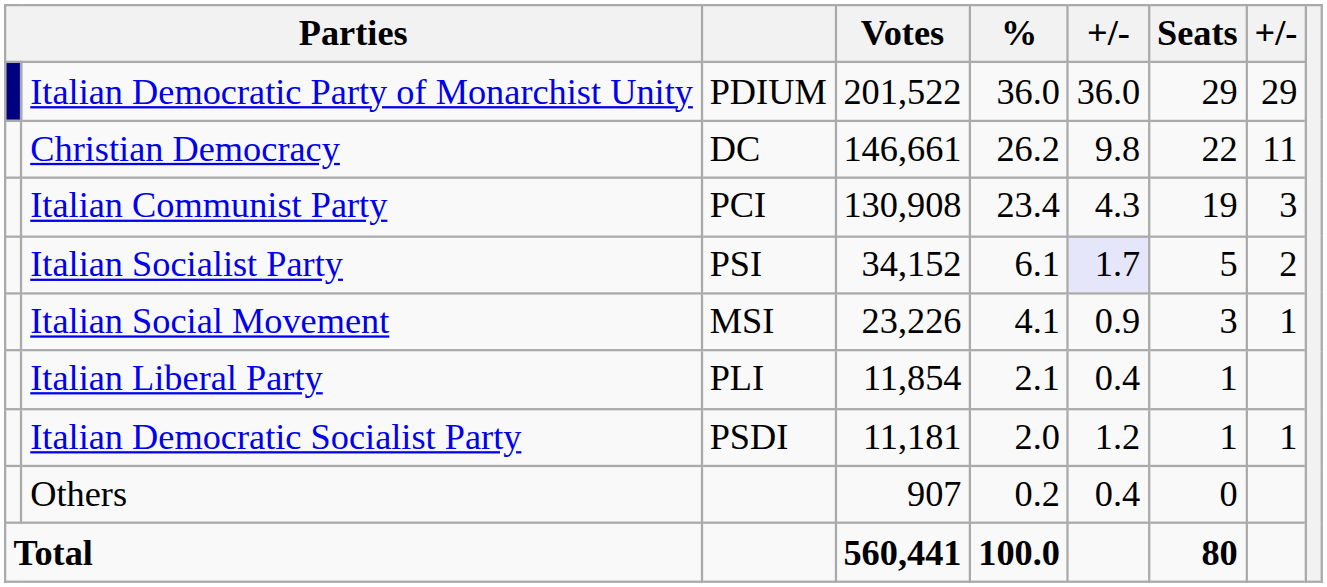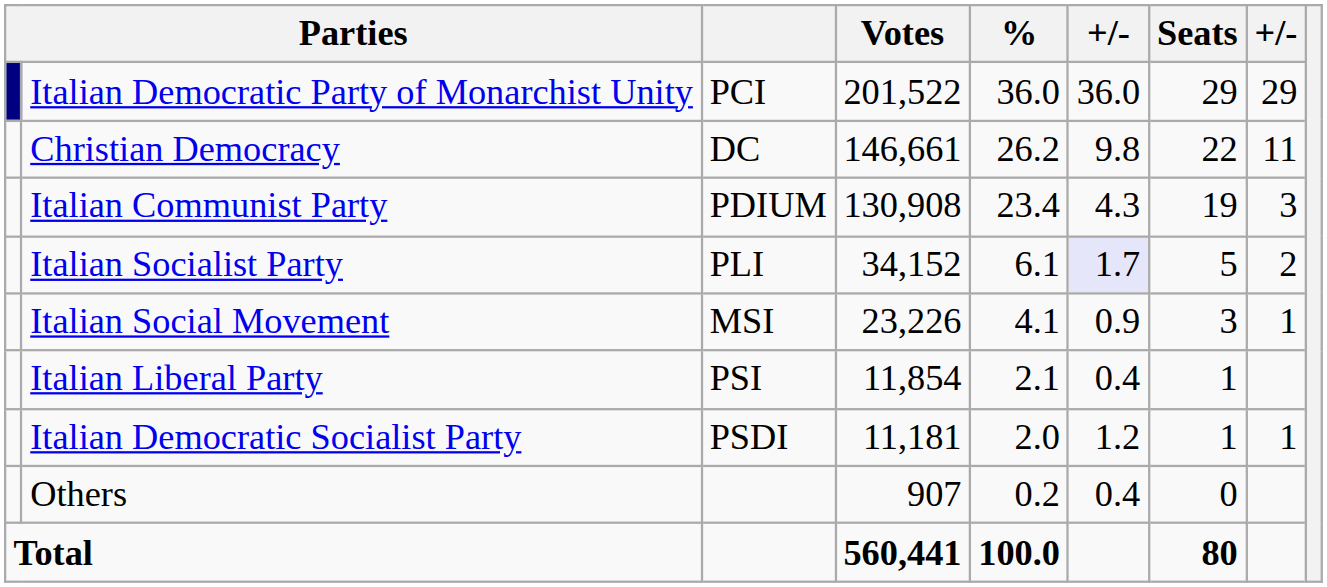 <table class="wikitable">
 <tr>
 <th colspan="2">Parties</th>
 <th></th>
 <th>Votes</th>
 <th>%</th>
 <th>+/-</th>
 <th>Seats</th>
 <th>+/-</th>
 <th rowspan="12"></th>
 </tr>
 <tr>
 <td style="background-color:#000080"></td>
 <td><a href='#'>Italian Democratic Party of Monarchist Unity</a></td>
-<td>PDIUM</td>
+<td>PCI</td>
 <td align=right>201,522</td>
 <td align=right>36.0</td>
 <td align=right> 36.0</td>
 <td align=right>29</td>
 <td align=right> 29</td>
 </tr>
 <tr>
 <td style="background-color:"></td>
 <td><a href='#'>Christian Democracy</a></td>
 <td>DC</td>
 <td align=right>146,661</td>
 <td align=right>26.2</td>
 <td align=right> 9.8</td>
 <td align=right>22</td>
 <td align=right> 11</td>
 </tr>
 <tr>
 <td style="background-color:"></td>
 <td><a href='#'>Italian Communist Party</a></td>
-<td>PCI</td>
+<td>PDIUM</td>
 <td align=right>130,908</td>
 <td align=right>23.4</td>
 <td align=right> 4.3</td>
 <td align=right>19</td>
 <td align=right> 3</td>
 </tr>
 <tr>
 <td style="background-color:"></td>
 <td><a href='#'>Italian Socialist Party</a></td>
-<td>PSI</td>
+<td>PLI</td>
 <td align=right>34,152</td>
 <td align=right>6.1</td>
 <td align=right style="background: lavender;"> 1.7</td>
 <td align=right>5</td>
 <td align=right> 2</td>
 </tr>
 <tr>
 <td style="background-color:"></td>
 <td><a href='#'>Italian Social Movement</a></td>
 <td>MSI</td>
 <td align=right>23,226</td>
 <td align=right>4.1</td>
 <td align=right> 0.9</td>
 <td align=right>3</td>
 <td align=right> 1</td>
 </tr>
 <tr>
 <td style="background-color:"></td>
 <td><a href='#'>Italian Liberal Party</a></td>
-<td>PLI</td>
+<td>PSI</td>
 <td align=right>11,854</td>
 <td align=right>2.1</td>
 <td align=right> 0.4</td>
 <td align=right>1</td>
 <td align=right></td>
 </tr>
 <tr>
 <td style="background-color:"></td>
 <td><a href='#'>Italian Democratic Socialist Party</a></td>
 <td>PSDI</td>
 <td align=right>11,181</td>
 <td align=right>2.0</td>
 <td align=right> 1.2</td>
 <td align=right>1</td>
 <td align=right> 1</td>
 </tr>
 <tr>
 <td style="background-color:"></td>
 <td>Others</td>
 <td></td>
 <td align=right>907</td>
 <td align=right>0.2</td>
 <td align=right> 0.4</td>
 <td align=right>0</td>
 <td align=right></td>
 </tr>
 <tr>
 <td colspan="2"><strong>Total</strong></td>
 <td></td>
 <td align=right><strong>560,441</strong></td>
 <td align=right><strong>100.0</strong></td>
 <td align=right></td>
 <td align=right><strong>80</strong></td>
 <td align=right></td>
 </tr>
 </table>
